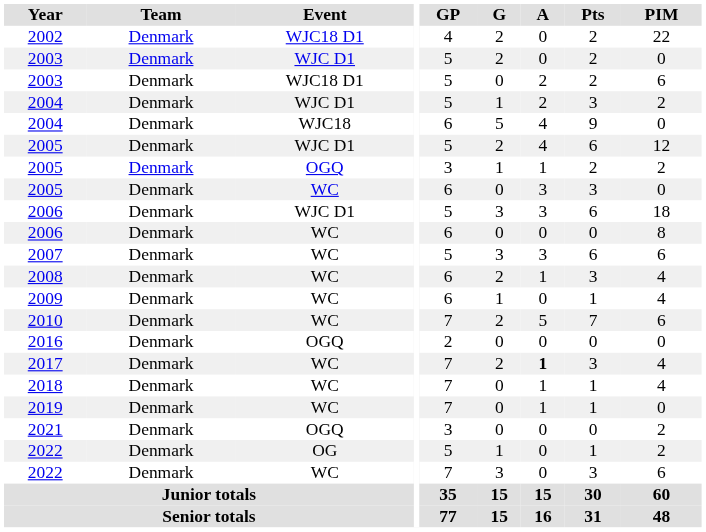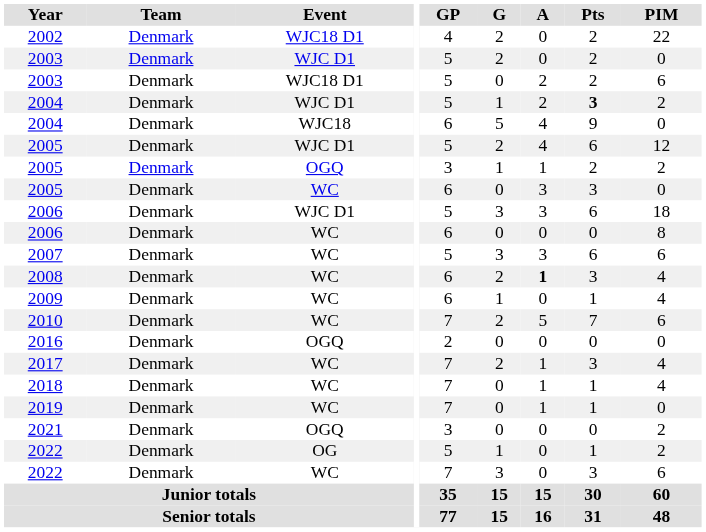 <table border="0" cellpadding="1" cellspacing="0" ID="Table3" style="text-align:center; width:40em">
 <tr bgcolor="#e0e0e0">
 <th>Year</th>
 <th>Team</th>
 <th>Event</th>
 <th rowspan="102" bgcolor="#ffffff"></th>
 <th>GP</th>
 <th>G</th>
 <th>A</th>
 <th>Pts</th>
 <th>PIM</th>
 </tr>
 <tr>
 <td><a href='#'>2002</a></td>
 <td><a href='#'>Denmark</a></td>
 <td><a href='#'>WJC18 D1</a></td>
 <td>4</td>
 <td>2</td>
 <td>0</td>
 <td>2</td>
 <td>22</td>
 </tr>
 <tr bgcolor="#f0f0f0">
 <td><a href='#'>2003</a></td>
 <td><a href='#'>Denmark</a></td>
 <td><a href='#'>WJC D1</a></td>
 <td>5</td>
 <td>2</td>
 <td>0</td>
 <td>2</td>
 <td>0</td>
 </tr>
 <tr>
 <td><a href='#'>2003</a></td>
 <td>Denmark</td>
 <td>WJC18 D1</td>
 <td>5</td>
 <td>0</td>
 <td>2</td>
 <td>2</td>
 <td>6</td>
 </tr>
 <tr bgcolor="#f0f0f0">
 <td><a href='#'>2004</a></td>
 <td>Denmark</td>
 <td>WJC D1</td>
 <td>5</td>
 <td>1</td>
 <td>2</td>
-<td>3</td>
+<td><strong>3</strong></td>
 <td>2</td>
 </tr>
 <tr>
 <td><a href='#'>2004</a></td>
 <td>Denmark</td>
 <td>WJC18</td>
 <td>6</td>
 <td>5</td>
 <td>4</td>
 <td>9</td>
 <td>0</td>
 </tr>
 <tr bgcolor="#f0f0f0">
 <td><a href='#'>2005</a></td>
 <td>Denmark</td>
 <td>WJC D1</td>
 <td>5</td>
 <td>2</td>
 <td>4</td>
 <td>6</td>
 <td>12</td>
 </tr>
 <tr>
 <td><a href='#'>2005</a></td>
 <td><a href='#'>Denmark</a></td>
 <td><a href='#'>OGQ</a></td>
 <td>3</td>
 <td>1</td>
 <td>1</td>
 <td>2</td>
 <td>2</td>
 </tr>
 <tr bgcolor="#f0f0f0">
 <td><a href='#'>2005</a></td>
 <td>Denmark</td>
 <td><a href='#'>WC</a></td>
 <td>6</td>
 <td>0</td>
 <td>3</td>
 <td>3</td>
 <td>0</td>
 </tr>
 <tr>
 <td><a href='#'>2006</a></td>
 <td>Denmark</td>
 <td>WJC D1</td>
 <td>5</td>
 <td>3</td>
 <td>3</td>
 <td>6</td>
 <td>18</td>
 </tr>
 <tr bgcolor="#f0f0f0">
 <td><a href='#'>2006</a></td>
 <td>Denmark</td>
 <td>WC</td>
 <td>6</td>
 <td>0</td>
 <td>0</td>
 <td>0</td>
 <td>8</td>
 </tr>
 <tr>
 <td><a href='#'>2007</a></td>
 <td>Denmark</td>
 <td>WC</td>
 <td>5</td>
 <td>3</td>
 <td>3</td>
 <td>6</td>
 <td>6</td>
 </tr>
 <tr bgcolor="#f0f0f0">
 <td><a href='#'>2008</a></td>
 <td>Denmark</td>
 <td>WC</td>
 <td>6</td>
 <td>2</td>
-<td>1</td>
+<td><strong>1</strong></td>
 <td>3</td>
 <td>4</td>
 </tr>
 <tr>
 <td><a href='#'>2009</a></td>
 <td>Denmark</td>
 <td>WC</td>
 <td>6</td>
 <td>1</td>
 <td>0</td>
 <td>1</td>
 <td>4</td>
 </tr>
 <tr bgcolor="#f0f0f0">
 <td><a href='#'>2010</a></td>
 <td>Denmark</td>
 <td>WC</td>
 <td>7</td>
 <td>2</td>
 <td>5</td>
 <td>7</td>
 <td>6</td>
 </tr>
 <tr>
 <td><a href='#'>2016</a></td>
 <td>Denmark</td>
 <td>OGQ</td>
 <td>2</td>
 <td>0</td>
 <td>0</td>
 <td>0</td>
 <td>0</td>
 </tr>
 <tr bgcolor="#f0f0f0">
 <td><a href='#'>2017</a></td>
 <td>Denmark</td>
 <td>WC</td>
 <td>7</td>
 <td>2</td>
-<td><strong>1</strong></td>
+<td>1</td>
 <td>3</td>
 <td>4</td>
 </tr>
 <tr>
 <td><a href='#'>2018</a></td>
 <td>Denmark</td>
 <td>WC</td>
 <td>7</td>
 <td>0</td>
 <td>1</td>
 <td>1</td>
 <td>4</td>
 </tr>
 <tr bgcolor="#f0f0f0">
 <td><a href='#'>2019</a></td>
 <td>Denmark</td>
 <td>WC</td>
 <td>7</td>
 <td>0</td>
 <td>1</td>
 <td>1</td>
 <td>0</td>
 </tr>
 <tr>
 <td><a href='#'>2021</a></td>
 <td>Denmark</td>
 <td>OGQ</td>
 <td>3</td>
 <td>0</td>
 <td>0</td>
 <td>0</td>
 <td>2</td>
 </tr>
 <tr bgcolor="#f0f0f0">
 <td><a href='#'>2022</a></td>
 <td>Denmark</td>
 <td>OG</td>
 <td>5</td>
 <td>1</td>
 <td>0</td>
 <td>1</td>
 <td>2</td>
 </tr>
 <tr>
 <td><a href='#'>2022</a></td>
 <td>Denmark</td>
 <td>WC</td>
 <td>7</td>
 <td>3</td>
 <td>0</td>
 <td>3</td>
 <td>6</td>
 </tr>
 <tr bgcolor="#e0e0e0">
 <th colspan="3">Junior totals</th>
 <th>35</th>
 <th>15</th>
 <th>15</th>
 <th>30</th>
 <th>60</th>
 </tr>
 <tr bgcolor="#e0e0e0">
 <th colspan="3">Senior totals</th>
 <th>77</th>
 <th>15</th>
 <th>16</th>
 <th>31</th>
 <th>48</th>
 </tr>
 </table>
